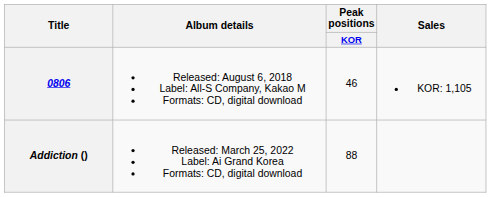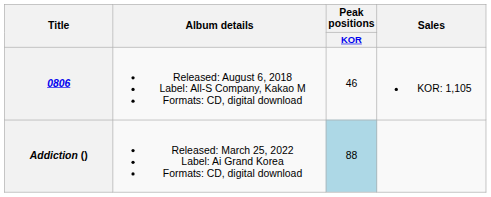 <table class="wikitable plainrowheaders" style="text-align:center;">
 <tr>
 <th scope="col" rowspan="2" style="width:10em;">Title</th>
 <th scope="col" rowspan="2" style="width:20em;">Album details</th>
 <th scope="col">Peak<br>positions</th>
 <th scope="col" rowspan="2" style="width:10em;">Sales</th>
 </tr>
 <tr>
 <th scope="col" style="width:2.2em;font-size:90%;"><a href='#'>KOR</a><br></th>
 </tr>
 <tr>
 <th scope="row"><em><a href='#'>0806</a></em></th>
 <td><br><ul><li>Released: August 6, 2018</li><li>Label: All-S Company, Kakao M</li><li>Formats: CD, digital download</li></ul></td>
 <td>46</td>
 <td><br><ul><li>KOR: 1,105</li></ul></td>
 </tr>
 <tr>
 <th scope="row"><em>Addiction</em> ()</th>
 <td><br><ul><li>Released: March 25, 2022</li><li>Label: Ai Grand Korea</li><li>Formats: CD, digital download</li></ul></td>
-<td>88</td>
+<td style="background: lightblue;">88</td>
 <td></td>
 </tr>
 </table>
